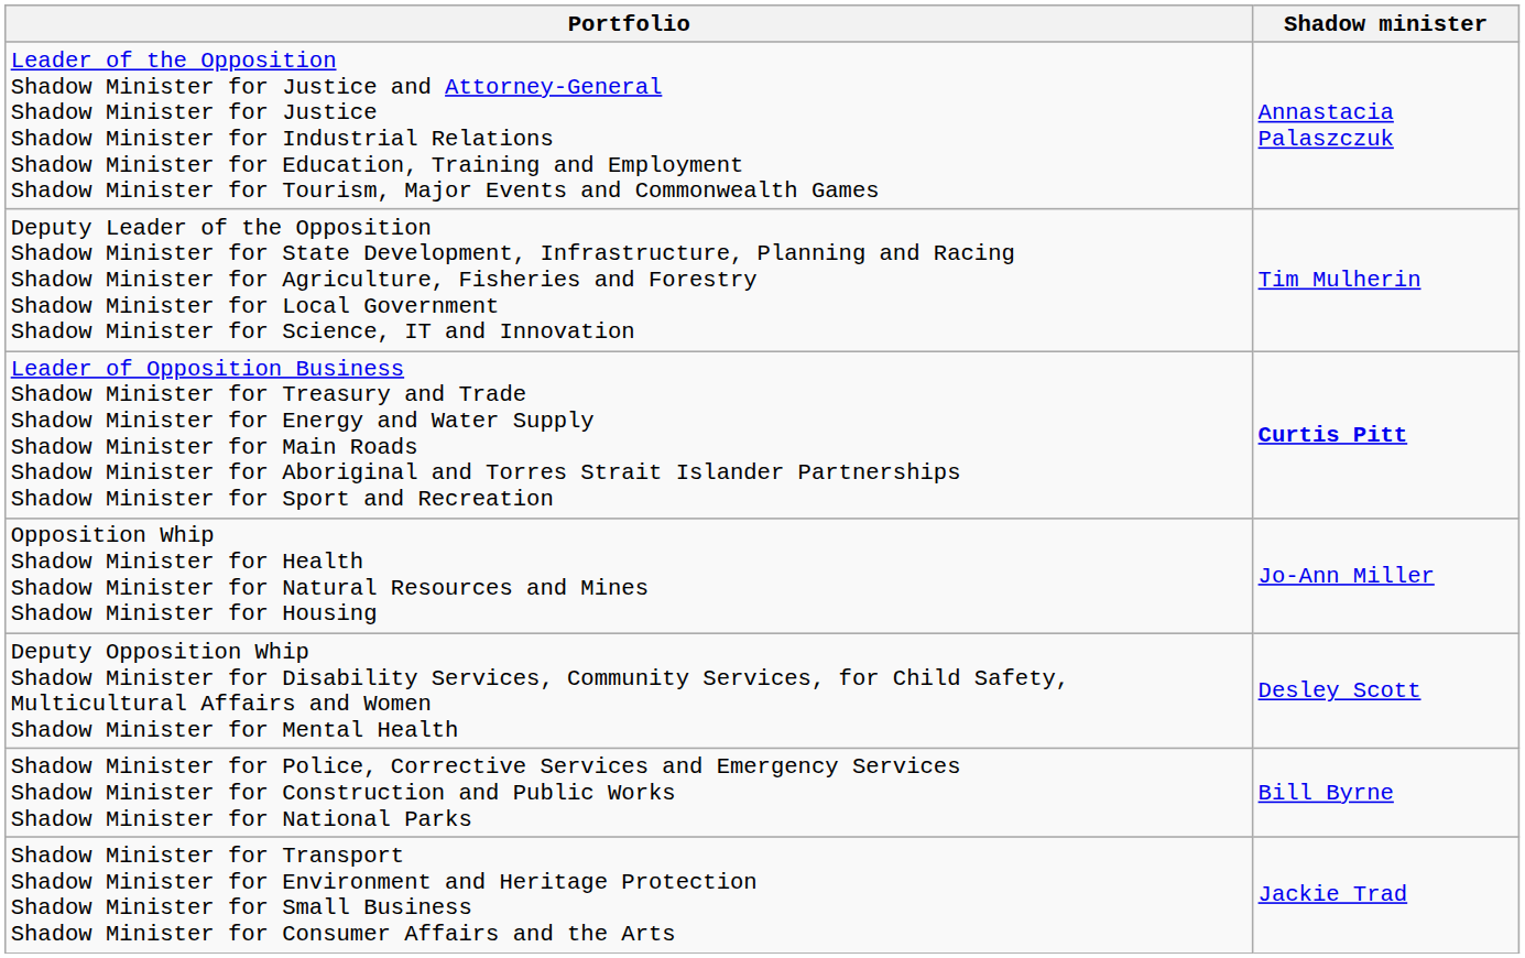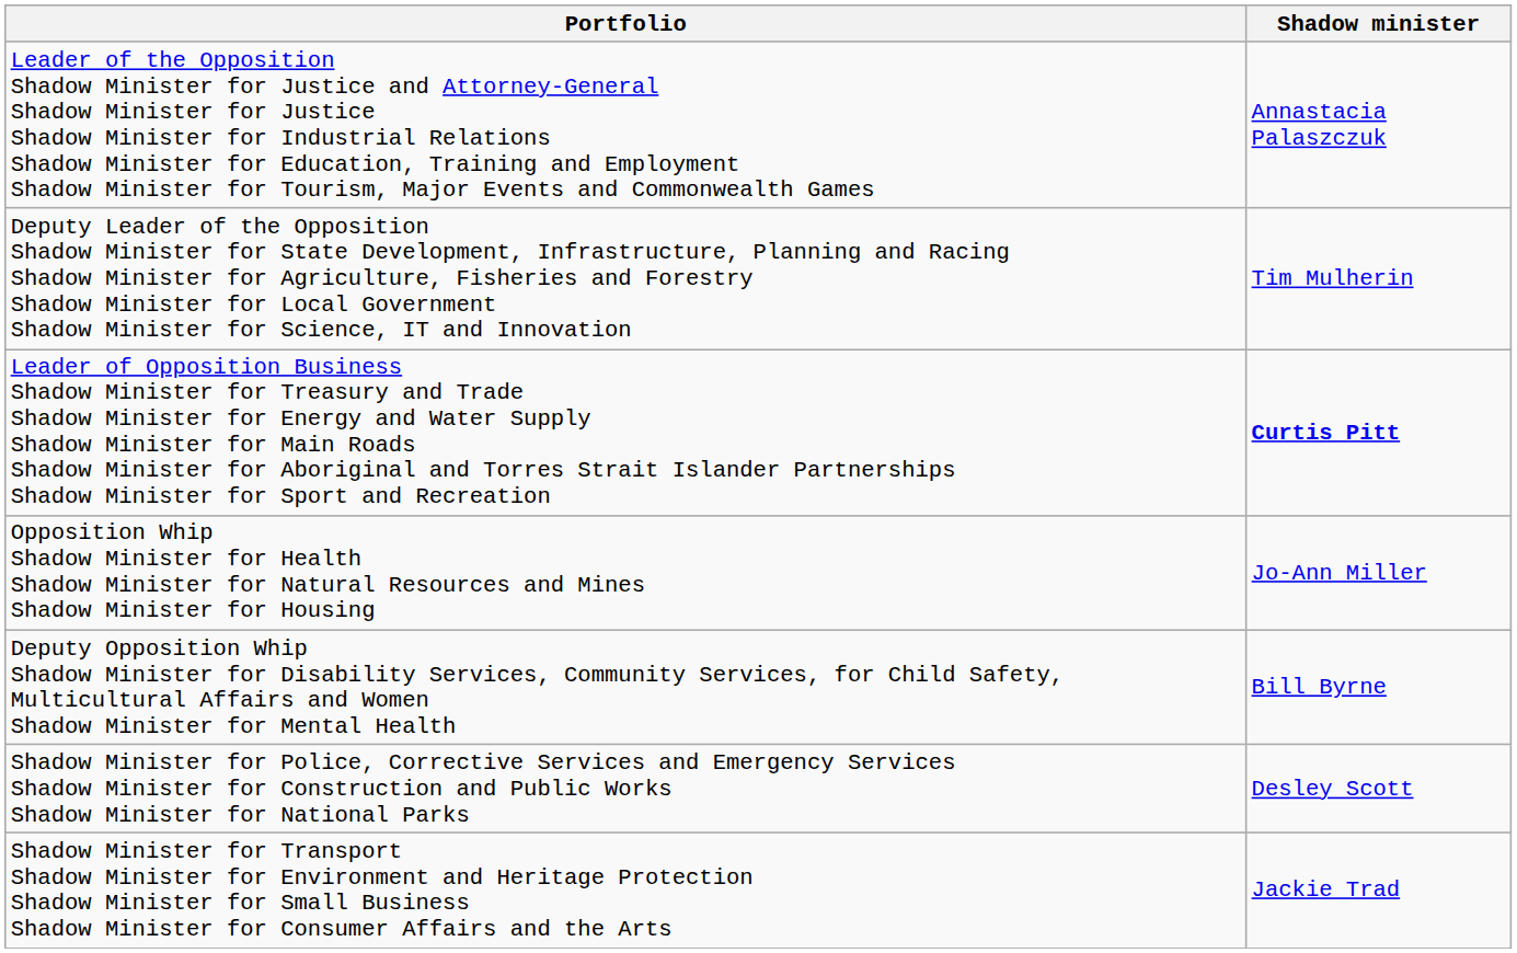 <table class=wikitable>
 <tr>
 <th>Portfolio</th>
 <th>Shadow minister</th>
 </tr>
 <tr>
 <td><a href='#'>Leader of the Opposition</a><br>Shadow Minister for Justice and <a href='#'>Attorney-General</a><br>Shadow Minister for Justice<br>Shadow Minister for Industrial Relations<br>Shadow Minister for Education, Training and Employment<br>Shadow Minister for Tourism, Major Events and Commonwealth Games</td>
 <td><a href='#'>Annastacia Palaszczuk</a></td>
 </tr>
 <tr>
 <td>Deputy Leader of the Opposition<br>Shadow Minister for State Development, Infrastructure, Planning and Racing<br>Shadow Minister for Agriculture, Fisheries and Forestry<br>Shadow Minister for Local Government<br>Shadow Minister for Science, IT and Innovation</td>
 <td><a href='#'>Tim Mulherin</a></td>
 </tr>
 <tr>
 <td><a href='#'>Leader of Opposition Business</a><br>Shadow Minister for Treasury and Trade<br>Shadow Minister for Energy and Water Supply<br>Shadow Minister for Main Roads<br>Shadow Minister for Aboriginal and Torres Strait Islander Partnerships<br>Shadow Minister for Sport and Recreation</td>
 <td><strong><a href='#'>Curtis Pitt</a></strong></td>
 </tr>
 <tr>
 <td>Opposition Whip<br>Shadow Minister for Health<br>Shadow Minister for Natural Resources and Mines<br>Shadow Minister for Housing</td>
 <td><a href='#'>Jo-Ann Miller</a></td>
 </tr>
 <tr>
 <td>Deputy Opposition Whip<br>Shadow Minister for Disability Services, Community Services, for Child Safety, Multicultural Affairs and Women<br>Shadow Minister for Mental Health</td>
-<td><a href='#'>Desley Scott</a></td>
+<td><a href='#'>Bill Byrne</a></td>
 </tr>
 <tr>
 <td>Shadow Minister for Police, Corrective Services and Emergency Services<br>Shadow Minister for Construction and Public Works<br>Shadow Minister for National Parks</td>
-<td><a href='#'>Bill Byrne</a></td>
+<td><a href='#'>Desley Scott</a></td>
 </tr>
 <tr>
 <td>Shadow Minister for Transport<br>Shadow Minister for Environment and Heritage Protection<br>Shadow Minister for Small Business<br>Shadow Minister for Consumer Affairs and the Arts</td>
 <td><a href='#'>Jackie Trad</a></td>
 </tr>
 </table>
